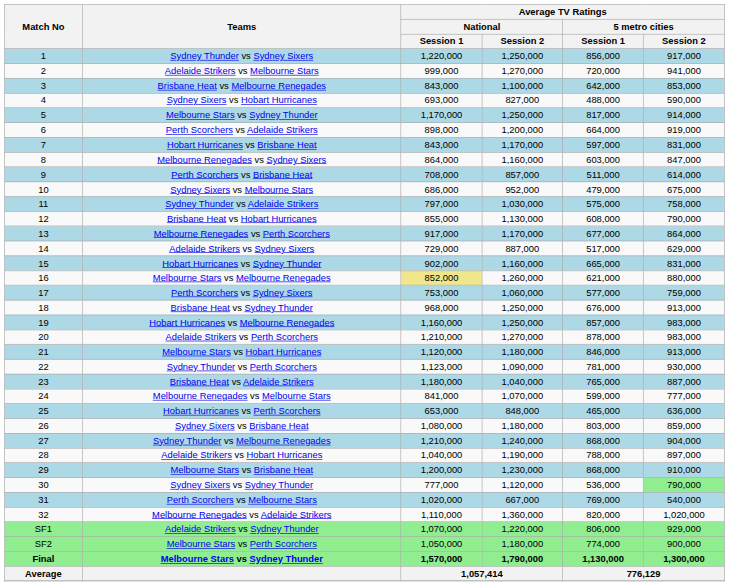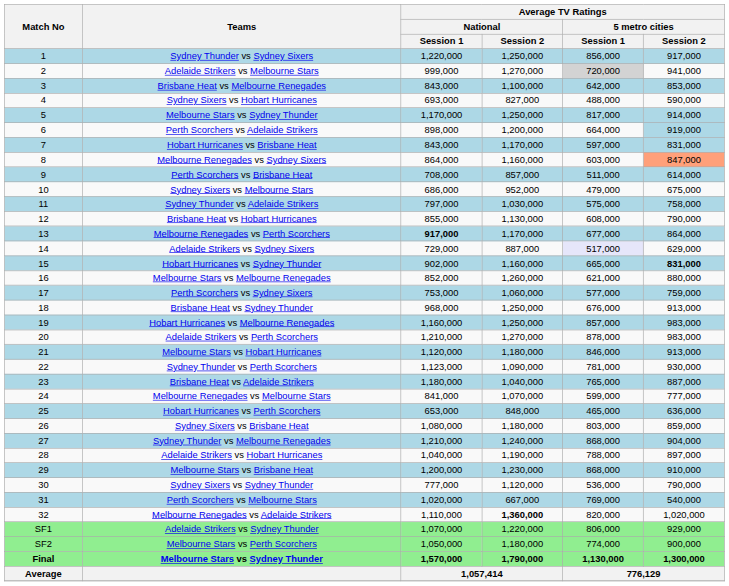 <table class="wikitable sortable" style="text-align: center; font-size:90%; width:70%">
 <tr>
 <th rowspan=3>Match No</th>
 <th rowspan=3>Teams</th>
 <th colspan=4>Average TV Ratings</th>
 </tr>
 <tr>
 <th colspan=2>National</th>
 <th colspan=2>5 metro cities</th>
 </tr>
 <tr>
 <th style="width: auto;">Session 1</th>
 <th style="width: auto;">Session 2</th>
 <th style="width: auto;">Session 1</th>
 <th style="width: auto;">Session 2</th>
 </tr>
 <tr style="background:lightblue;">
 <td>1</td>
 <td><a href='#'>Sydney Thunder</a> vs <a href='#'>Sydney Sixers</a></td>
 <td>1,220,000</td>
 <td>1,250,000</td>
 <td>856,000</td>
 <td>917,000</td>
 </tr>
 <tr>
 <td>2</td>
 <td><a href='#'>Adelaide Strikers</a> vs <a href='#'>Melbourne Stars</a></td>
 <td>999,000</td>
 <td>1,270,000</td>
-<td>720,000</td>
+<td style="background: lightgrey;">720,000</td>
 <td>941,000</td>
 </tr>
 <tr style="background:lightblue;">
 <td>3</td>
 <td><a href='#'>Brisbane Heat</a> vs <a href='#'>Melbourne Renegades</a></td>
 <td>843,000</td>
 <td>1,100,000</td>
 <td>642,000</td>
 <td>853,000</td>
 </tr>
 <tr>
 <td>4</td>
 <td><a href='#'>Sydney Sixers</a> vs <a href='#'>Hobart Hurricanes</a></td>
 <td>693,000</td>
 <td>827,000</td>
 <td>488,000</td>
 <td>590,000</td>
 </tr>
 <tr style="background:lightblue;">
 <td>5</td>
 <td><a href='#'>Melbourne Stars</a> vs <a href='#'>Sydney Thunder</a></td>
 <td>1,170,000</td>
 <td>1,250,000</td>
 <td>817,000</td>
 <td>914,000</td>
 </tr>
 <tr>
 <td>6</td>
 <td><a href='#'>Perth Scorchers</a> vs <a href='#'>Adelaide Strikers</a></td>
 <td>898,000</td>
 <td>1,200,000</td>
 <td>664,000</td>
-<td>919,000</td>
+<td style="background: lightblue;">919,000</td>
 </tr>
 <tr style="background:lightblue;">
 <td>7</td>
 <td><a href='#'>Hobart Hurricanes</a> vs <a href='#'>Brisbane Heat</a></td>
 <td>843,000</td>
 <td>1,170,000</td>
 <td>597,000</td>
 <td>831,000</td>
 </tr>
 <tr>
 <td>8</td>
 <td><a href='#'>Melbourne Renegades</a> vs <a href='#'>Sydney Sixers</a></td>
 <td>864,000</td>
 <td>1,160,000</td>
 <td>603,000</td>
-<td>847,000</td>
+<td style="background: lightsalmon;">847,000</td>
 </tr>
 <tr style="background:lightblue;">
 <td>9</td>
 <td><a href='#'>Perth Scorchers</a> vs <a href='#'>Brisbane Heat</a></td>
 <td>708,000</td>
 <td>857,000</td>
 <td>511,000</td>
 <td>614,000</td>
 </tr>
 <tr>
 <td>10</td>
 <td><a href='#'>Sydney Sixers</a> vs <a href='#'>Melbourne Stars</a></td>
 <td>686,000</td>
 <td>952,000</td>
 <td>479,000</td>
 <td>675,000</td>
 </tr>
 <tr style="background:lightblue;">
 <td>11</td>
 <td><a href='#'>Sydney Thunder</a> vs <a href='#'>Adelaide Strikers</a></td>
 <td>797,000</td>
 <td>1,030,000</td>
 <td>575,000</td>
 <td>758,000</td>
 </tr>
 <tr>
 <td>12</td>
 <td><a href='#'>Brisbane Heat</a> vs <a href='#'>Hobart Hurricanes</a></td>
 <td>855,000</td>
 <td>1,130,000</td>
 <td>608,000</td>
 <td>790,000</td>
 </tr>
 <tr style="background:lightblue;">
 <td>13</td>
 <td><a href='#'>Melbourne Renegades</a> vs <a href='#'>Perth Scorchers</a></td>
-<td>917,000</td>
+<td><strong>917,000</strong></td>
 <td>1,170,000</td>
 <td>677,000</td>
 <td>864,000</td>
 </tr>
 <tr>
 <td>14</td>
 <td><a href='#'>Adelaide Strikers</a> vs <a href='#'>Sydney Sixers</a></td>
 <td>729,000</td>
 <td>887,000</td>
-<td>517,000</td>
+<td style="background: lavender;">517,000</td>
 <td>629,000</td>
 </tr>
 <tr style="background:lightblue;">
 <td>15</td>
 <td><a href='#'>Hobart Hurricanes</a> vs <a href='#'>Sydney Thunder</a></td>
 <td>902,000</td>
 <td>1,160,000</td>
 <td>665,000</td>
-<td>831,000</td>
+<td><strong>831,000</strong></td>
 </tr>
 <tr>
 <td>16</td>
 <td><a href='#'>Melbourne Stars</a> vs <a href='#'>Melbourne Renegades</a></td>
-<td style="background: khaki;">852,000</td>
+<td>852,000</td>
 <td>1,260,000</td>
 <td>621,000</td>
 <td>880,000</td>
 </tr>
 <tr style="background:lightblue;">
 <td>17</td>
 <td><a href='#'>Perth Scorchers</a> vs <a href='#'>Sydney Sixers</a></td>
 <td>753,000</td>
 <td>1,060,000</td>
 <td>577,000</td>
 <td>759,000</td>
 </tr>
 <tr>
 <td>18</td>
 <td><a href='#'>Brisbane Heat</a> vs <a href='#'>Sydney Thunder</a></td>
 <td>968,000</td>
 <td>1,250,000</td>
 <td>676,000</td>
 <td>913,000</td>
 </tr>
 <tr style="background:lightblue;">
 <td>19</td>
 <td><a href='#'>Hobart Hurricanes</a> vs <a href='#'>Melbourne Renegades</a></td>
 <td>1,160,000</td>
 <td>1,250,000</td>
 <td>857,000</td>
 <td>983,000</td>
 </tr>
 <tr>
 <td>20</td>
 <td><a href='#'>Adelaide Strikers</a> vs <a href='#'>Perth Scorchers</a></td>
 <td>1,210,000</td>
 <td>1,270,000</td>
 <td>878,000</td>
 <td>983,000</td>
 </tr>
 <tr style="background:lightblue;">
 <td>21</td>
 <td><a href='#'>Melbourne Stars</a> vs <a href='#'>Hobart Hurricanes</a></td>
 <td>1,120,000</td>
 <td>1,180,000</td>
 <td>846,000</td>
 <td>913,000</td>
 </tr>
 <tr>
 <td>22</td>
 <td><a href='#'>Sydney Thunder</a> vs <a href='#'>Perth Scorchers</a></td>
 <td>1,123,000</td>
 <td>1,090,000</td>
 <td>781,000</td>
 <td>930,000</td>
 </tr>
 <tr style="background:lightblue;">
 <td>23</td>
 <td><a href='#'>Brisbane Heat</a> vs <a href='#'>Adelaide Strikers</a></td>
 <td>1,180,000</td>
 <td>1,040,000</td>
 <td>765,000</td>
 <td>887,000</td>
 </tr>
 <tr>
 <td>24</td>
 <td><a href='#'>Melbourne Renegades</a> vs <a href='#'>Melbourne Stars</a></td>
 <td>841,000</td>
 <td>1,070,000</td>
 <td>599,000</td>
 <td>777,000</td>
 </tr>
 <tr style="background:lightblue;">
 <td>25</td>
 <td><a href='#'>Hobart Hurricanes</a> vs <a href='#'>Perth Scorchers</a></td>
 <td>653,000</td>
 <td>848,000</td>
 <td>465,000</td>
 <td>636,000</td>
 </tr>
 <tr>
 <td>26</td>
 <td><a href='#'>Sydney Sixers</a> vs <a href='#'>Brisbane Heat</a></td>
 <td>1,080,000</td>
 <td>1,180,000</td>
 <td>803,000</td>
 <td>859,000</td>
 </tr>
 <tr style="background:lightblue;">
 <td>27</td>
 <td><a href='#'>Sydney Thunder</a> vs <a href='#'>Melbourne Renegades</a></td>
 <td>1,210,000</td>
 <td>1,240,000</td>
 <td>868,000</td>
 <td>904,000</td>
 </tr>
 <tr>
 <td>28</td>
 <td><a href='#'>Adelaide Strikers</a> vs <a href='#'>Hobart Hurricanes</a></td>
 <td>1,040,000</td>
 <td>1,190,000</td>
 <td>788,000</td>
 <td>897,000</td>
 </tr>
 <tr style="background:lightblue;">
 <td>29</td>
 <td><a href='#'>Melbourne Stars</a> vs <a href='#'>Brisbane Heat</a></td>
 <td>1,200,000</td>
 <td>1,230,000</td>
 <td>868,000</td>
 <td>910,000</td>
 </tr>
 <tr>
 <td>30</td>
 <td><a href='#'>Sydney Sixers</a> vs <a href='#'>Sydney Thunder</a></td>
 <td>777,000</td>
 <td>1,120,000</td>
 <td>536,000</td>
-<td style="background: lightgreen;">790,000</td>
+<td>790,000</td>
 </tr>
 <tr style="background:lightblue;">
 <td>31</td>
 <td><a href='#'>Perth Scorchers</a> vs <a href='#'>Melbourne Stars</a></td>
 <td>1,020,000</td>
 <td>667,000</td>
 <td>769,000</td>
 <td>540,000</td>
 </tr>
 <tr>
 <td>32</td>
 <td><a href='#'>Melbourne Renegades</a> vs <a href='#'>Adelaide Strikers</a></td>
 <td>1,110,000</td>
-<td>1,360,000</td>
+<td><strong>1,360,000</strong></td>
 <td>820,000</td>
 <td>1,020,000</td>
 </tr>
 <tr style="background:lightgreen;">
 <td>SF1</td>
 <td><a href='#'>Adelaide Strikers</a> vs <a href='#'>Sydney Thunder</a></td>
 <td>1,070,000</td>
 <td>1,220,000</td>
 <td>806,000</td>
 <td>929,000</td>
 </tr>
 <tr style="background:lightgreen;">
 <td>SF2</td>
 <td><a href='#'>Melbourne Stars</a> vs <a href='#'>Perth Scorchers</a></td>
 <td>1,050,000</td>
 <td>1,180,000</td>
 <td>774,000</td>
 <td>900,000</td>
 </tr>
 <tr style="background:lightgreen;">
 <td><strong>Final</strong></td>
 <td><strong><a href='#'>Melbourne Stars</a></strong> <strong>vs <a href='#'>Sydney Thunder</a></strong></td>
 <td><strong>1,570,000</strong></td>
 <td><strong>1,790,000</strong></td>
 <td><strong>1,130,000</strong></td>
 <td><strong>1,300,000</strong></td>
 </tr>
 <tr>
 <th>Average</th>
 <th></th>
 <th colspan="2">1,057,414</th>
 <th colspan="2">776,129</th>
 </tr>
 <tr style="background:lightblue;">
 </tr>
 </table>
